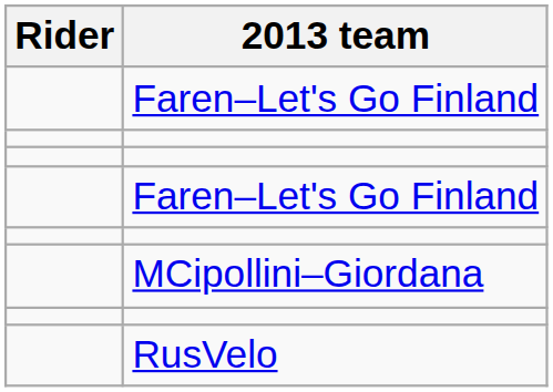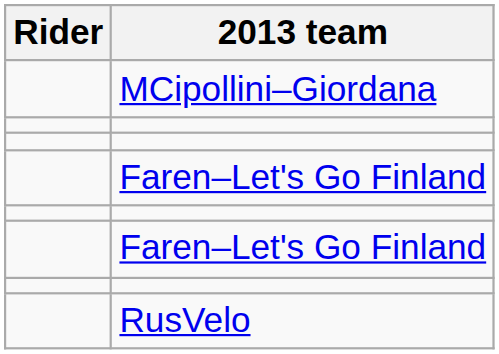 <table class="wikitable">
 <tr>
 <th>Rider</th>
 <th>2013 team</th>
 </tr>
 <tr>
 <td></td>
-<td><a href='#'>Faren–Let's Go Finland</a></td>
+<td><a href='#'>MCipollini–Giordana</a></td>
 </tr>
 <tr>
 <td></td>
 <td></td>
 </tr>
 <tr>
 <td></td>
 <td></td>
 </tr>
 <tr>
 <td></td>
 <td><a href='#'>Faren–Let's Go Finland</a></td>
 </tr>
 <tr>
 <td></td>
 <td></td>
 </tr>
 <tr>
 <td></td>
-<td><a href='#'>MCipollini–Giordana</a></td>
+<td><a href='#'>Faren–Let's Go Finland</a></td>
 </tr>
 <tr>
 <td></td>
 <td></td>
 </tr>
 <tr>
 <td></td>
 <td><a href='#'>RusVelo</a></td>
 </tr>
 </table>
